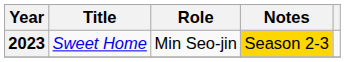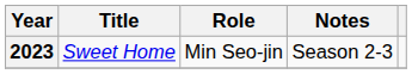 <table class="wikitable sortable plainrowheaders">
 <tr>
 <th scope="col">Year</th>
 <th scope="col">Title</th>
 <th scope="col">Role</th>
 <th scope="col">Notes</th>
 <th scope="col" class="unsortable"></th>
 </tr>
 <tr>
 <th scope="row">2023</th>
 <td><a href='#'><em>Sweet Home</em></a></td>
 <td>Min Seo-jin</td>
-<td style="background: gold;">Season 2-3</td>
+<td>Season 2-3</td>
 <td></td>
 </tr>
 <tr>
 </tr>
 </table>
